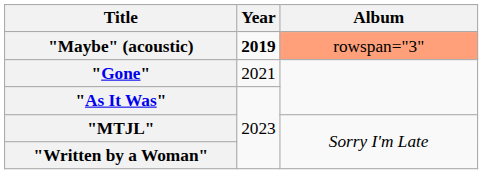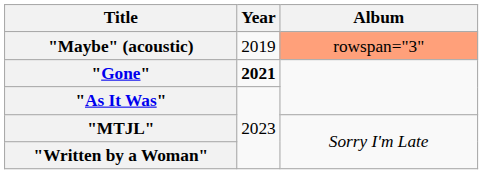 <table class="wikitable plainrowheaders" style="text-align:center;" border="1">
 <tr>
 <th scope="col" style="width:13em;">Title</th>
 <th scope="col" style="width:1em;">Year</th>
 <th scope="col" style="width:11em;">Album</th>
 </tr>
 <tr>
 <th scope="row">"Maybe" (acoustic)</th>
-<td><strong>2019</strong></td>
+<td>2019</td>
 <td style="background: lightsalmon;">rowspan="3" </td>
 </tr>
 <tr>
 <th scope="row">"<a href='#'>Gone</a>"</th>
-<td>2021</td>
+<td><strong>2021</strong></td>
 </tr>
 <tr>
 <th scope="row">"<a href='#'>As It Was</a>"</th>
 <td rowspan="3">2023</td>
 </tr>
 <tr>
 <th scope="row">"MTJL"</th>
 <td rowspan="2"><em>Sorry I'm Late</em></td>
 </tr>
 <tr>
 <th scope="row">"Written by a Woman"</th>
 </tr>
 </table>
